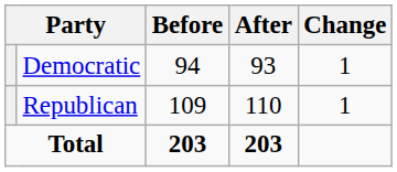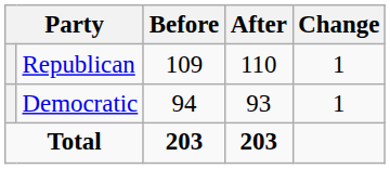 <table class="wikitable" style="text-align:center;">
 <tr>
 <th colspan="2">Party</th>
 <th>Before</th>
 <th>After</th>
 <th>Change</th>
 </tr>
 <tr>
 <th style="background-color:"></th>
-<td style="text-align:left;"><a href='#'>Democratic</a></td>
-<td>94</td>
-<td>93</td>
+<td style="text-align:left;"><a href='#'>Republican</a></td>
+<td>109</td>
+<td>110</td>
 <td> 1</td>
 </tr>
 <tr>
 <th style="background-color:"></th>
-<td style="text-align:left;"><a href='#'>Republican</a></td>
-<td>109</td>
-<td>110</td>
+<td style="text-align:left;"><a href='#'>Democratic</a></td>
+<td>94</td>
+<td>93</td>
 <td> 1</td>
 </tr>
 <tr>
 <td colspan="2"><strong>Total</strong></td>
 <td><strong>203</strong></td>
 <td><strong>203</strong></td>
 <td></td>
 </tr>
 </table>
